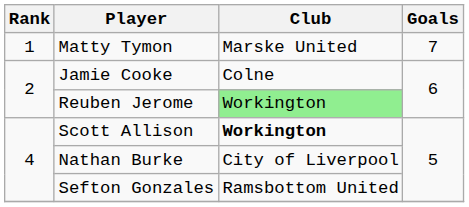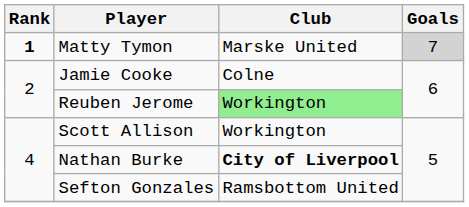 <table class="wikitable" style="text-align:center">
 <tr>
 <th>Rank</th>
 <th>Player</th>
 <th>Club</th>
 <th>Goals</th>
 </tr>
 <tr>
-<td>1</td>
+<td><strong>1</strong></td>
 <td align="left">Matty Tymon</td>
 <td align="left">Marske United</td>
-<td>7</td>
+<td style="background: lightgrey;">7</td>
 </tr>
 <tr>
 <td rowspan="2">2</td>
 <td align="left">Jamie Cooke</td>
 <td align="left">Colne</td>
 <td rowspan="2">6</td>
 </tr>
 <tr>
 <td align="left">Reuben Jerome</td>
 <td align="left" style="background: lightgreen;">Workington</td>
 </tr>
 <tr>
 <td rowspan="3">4</td>
 <td align="left">Scott Allison</td>
-<td align="left"><strong>Workington</strong></td>
+<td align="left">Workington</td>
 <td rowspan="3">5</td>
 </tr>
 <tr>
 <td align="left">Nathan Burke</td>
-<td align="left">City of Liverpool</td>
+<td align="left"><strong>City of Liverpool</strong></td>
 </tr>
 <tr>
 <td align="left">Sefton Gonzales</td>
 <td align="left">Ramsbottom United</td>
 </tr>
 <tr>
 </tr>
 </table>
